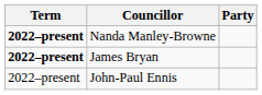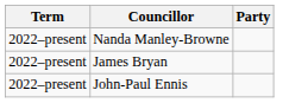 <table class="wikitable">
 <tr>
 <th>Term</th>
 <th>Councillor</th>
 <th colspan=2>Party</th>
 </tr>
 <tr>
-<td><strong>2022–present</strong></td>
+<td>2022–present</td>
 <td>Nanda Manley-Browne</td>
 <td></td>
 </tr>
 <tr>
-<td><strong>2022–present</strong></td>
+<td>2022–present</td>
 <td>James Bryan</td>
 <td></td>
 </tr>
 <tr>
 <td>2022–present</td>
 <td>John-Paul Ennis</td>
 <td></td>
 </tr>
 </table>
